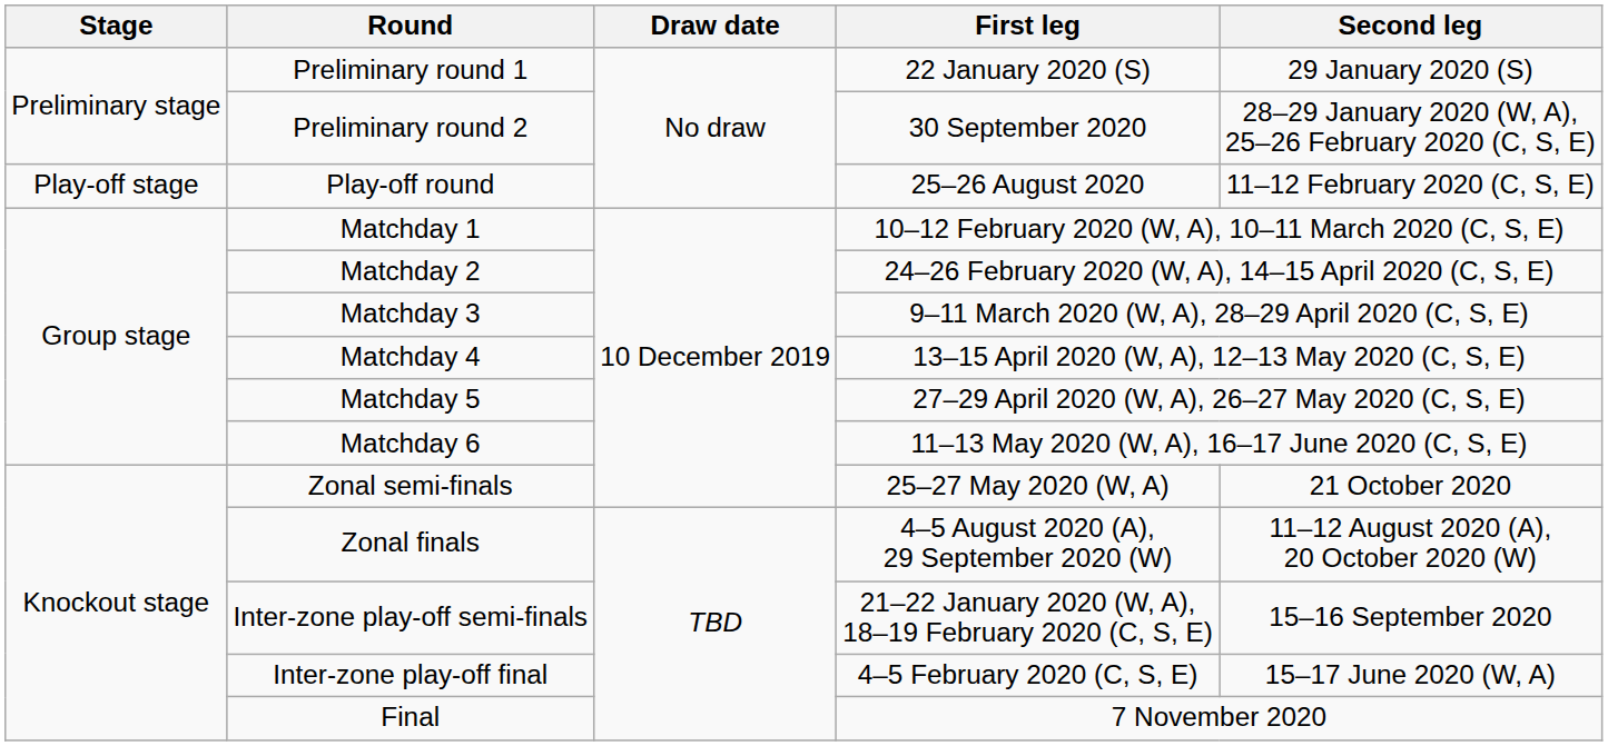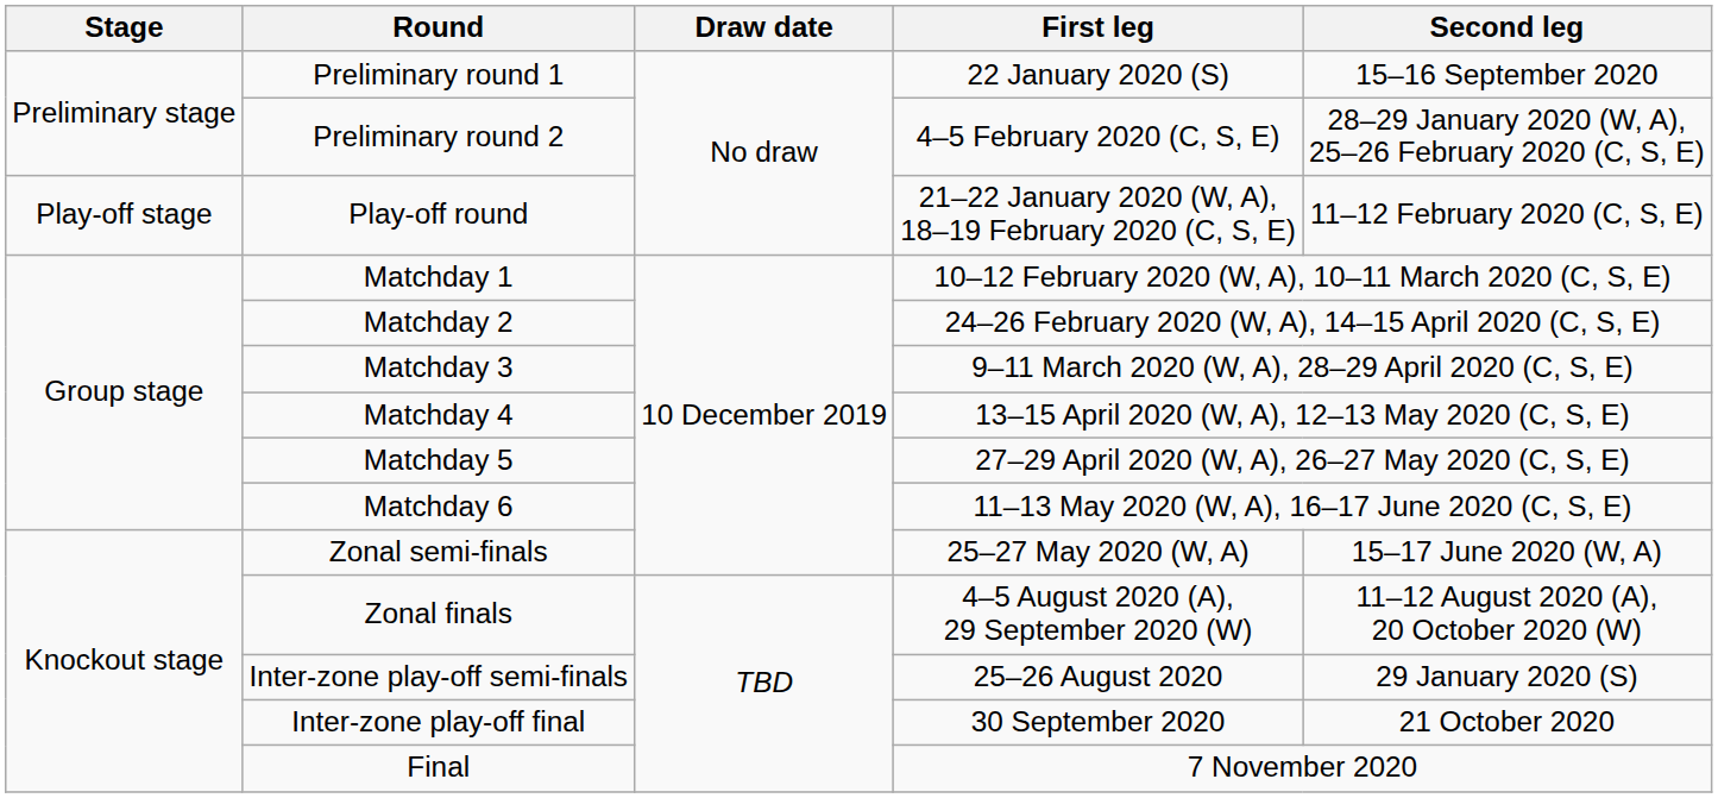 <table class="wikitable mw-collapsible mw-collapsed" style="text-align:center">
 <tr>
 <th>Stage</th>
 <th>Round</th>
 <th>Draw date</th>
 <th>First leg</th>
 <th>Second leg</th>
 </tr>
 <tr>
 <td rowspan=2>Preliminary stage</td>
 <td>Preliminary round 1</td>
 <td rowspan=3>No draw</td>
 <td>22 January 2020 (S)</td>
-<td>29 January 2020 (S)</td>
+<td>15–16 September 2020</td>
 </tr>
 <tr>
 <td>Preliminary round 2</td>
-<td>30 September 2020</td>
+<td>4–5 February 2020 (C, S, E)</td>
 <td>28–29 January 2020 (W, A),<br>25–26 February 2020 (C, S, E)</td>
 </tr>
 <tr>
 <td>Play-off stage</td>
 <td>Play-off round</td>
-<td>25–26 August 2020</td>
+<td>21–22 January 2020 (W, A),<br>18–19 February 2020 (C, S, E)</td>
 <td>11–12 February 2020 (C, S, E)</td>
 </tr>
 <tr>
 <td rowspan=6>Group stage</td>
 <td>Matchday 1</td>
 <td rowspan=7>10 December 2019</td>
 <td colspan=2>10–12 February 2020 (W, A), 10–11 March 2020 (C, S, E)</td>
 </tr>
 <tr>
 <td>Matchday 2</td>
 <td colspan=2>24–26 February 2020 (W, A), 14–15 April 2020 (C, S, E)</td>
 </tr>
 <tr>
 <td>Matchday 3</td>
 <td colspan=2>9–11 March 2020 (W, A), 28–29 April 2020 (C, S, E)</td>
 </tr>
 <tr>
 <td>Matchday 4</td>
 <td colspan=2>13–15 April 2020 (W, A), 12–13 May 2020 (C, S, E)</td>
 </tr>
 <tr>
 <td>Matchday 5</td>
 <td colspan=2>27–29 April 2020 (W, A), 26–27 May 2020 (C, S, E)</td>
 </tr>
 <tr>
 <td>Matchday 6</td>
 <td colspan=2>11–13 May 2020 (W, A), 16–17 June 2020 (C, S, E)</td>
 </tr>
 <tr>
 <td rowspan=5>Knockout stage</td>
 <td>Zonal semi-finals</td>
 <td>25–27 May 2020 (W, A)</td>
-<td>21 October 2020</td>
+<td>15–17 June 2020 (W, A)</td>
 </tr>
 <tr>
 <td>Zonal finals</td>
 <td rowspan=4><em>TBD</em></td>
 <td>4–5 August 2020 (A),<br>29 September 2020 (W)</td>
 <td>11–12 August 2020 (A),<br>20 October 2020 (W)</td>
 </tr>
 <tr>
 <td>Inter-zone play-off semi-finals</td>
-<td>21–22 January 2020 (W, A),<br>18–19 February 2020 (C, S, E)</td>
-<td>15–16 September 2020</td>
+<td>25–26 August 2020</td>
+<td>29 January 2020 (S)</td>
 </tr>
 <tr>
 <td>Inter-zone play-off final</td>
-<td>4–5 February 2020 (C, S, E)</td>
-<td>15–17 June 2020 (W, A)</td>
+<td>30 September 2020</td>
+<td>21 October 2020</td>
 </tr>
 <tr>
 <td>Final</td>
 <td colspan=2>7 November 2020</td>
 </tr>
 </table>
